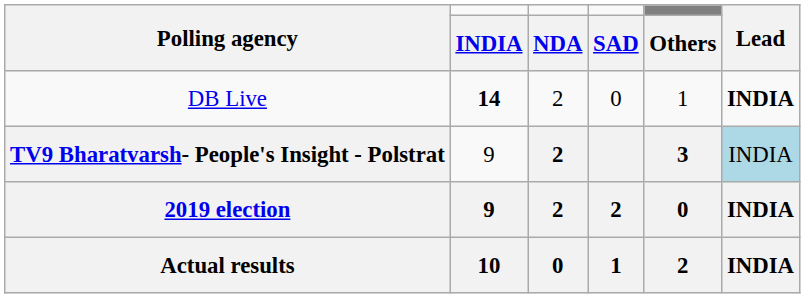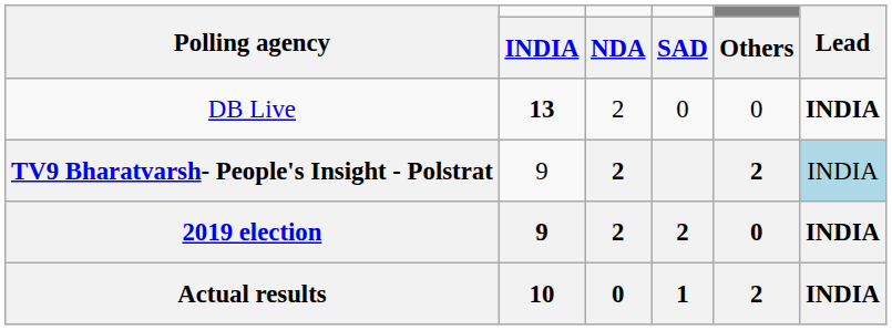 <table class="wikitable" style="text-align:center;font-size:95%;line-height:30px;">
 <tr>
 <th rowspan="2" class="wikitable">Polling agency</th>
 <td></td>
 <td></td>
 <td></td>
 <td style="background:grey;"></td>
 <th rowspan="2">Lead</th>
 </tr>
 <tr>
 <th class="wikitable"><a href='#'>INDIA</a></th>
 <th class="wikitable"><a href='#'>NDA</a></th>
 <th class="wikitable"><a href='#'>SAD</a></th>
 <th class="wikitable">Others</th>
 </tr>
 <tr>
 <td><a href='#'>DB Live</a></td>
-<td style="background:"><strong>14</strong></td>
+<td style="background:"><strong>13</strong></td>
 <td>2</td>
 <td>0</td>
-<td>1</td>
+<td>0</td>
 <td style="background:"><strong>INDIA</strong></td>
 </tr>
 <tr>
 <th><a href='#'>TV9 Bharatvarsh</a>- People's Insight - Polstrat</th>
 <td>9</td>
 <th>2</th>
 <th></th>
-<th>3</th>
+<th>2</th>
 <td style="background: lightblue;">INDIA</td>
 </tr>
 <tr>
 <th><a href='#'><strong>2019 election</strong></a></th>
 <th style="background:"><strong>9</strong></th>
 <th>2</th>
 <th>2</th>
 <th>0</th>
 <th style="background:"><strong>INDIA</strong></th>
 </tr>
 <tr>
 <th>Actual results</th>
 <th style="background:"><strong>10</strong></th>
 <th>0</th>
 <th>1</th>
 <th>2</th>
 <th style="background:"><strong>INDIA</strong></th>
 </tr>
 </table>
